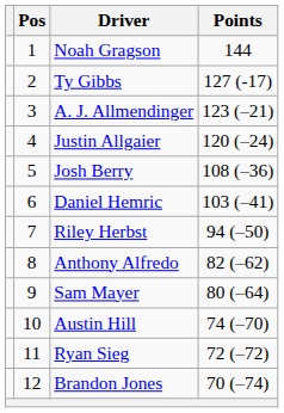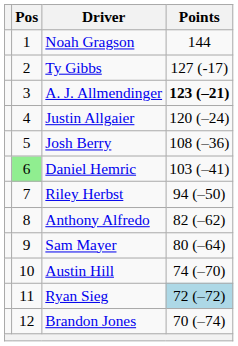 <table class="wikitable" style="font-size: 95%;">
 <tr>
 <th></th>
 <th>Pos</th>
 <th>Driver</th>
 <th>Points</th>
 </tr>
 <tr>
 <td align="left"></td>
 <td style="text-align:center;">1</td>
 <td><a href='#'>Noah Gragson</a></td>
 <td style="text-align:center;">144</td>
 </tr>
 <tr>
 <td align="left"></td>
 <td style="text-align:center;">2</td>
 <td><a href='#'>Ty Gibbs</a></td>
 <td style="text-align:center;">127 (-17)</td>
 </tr>
 <tr>
 <td align="left"></td>
 <td style="text-align:center;">3</td>
 <td><a href='#'>A. J. Allmendinger</a></td>
-<td style="text-align:center;">123 (–21)</td>
+<td style="text-align:center;"><strong>123 (–21)</strong></td>
 </tr>
 <tr>
 <td align="left"></td>
 <td style="text-align:center;">4</td>
 <td><a href='#'>Justin Allgaier</a></td>
 <td style="text-align:center;">120 (–24)</td>
 </tr>
 <tr>
 <td align="left"></td>
 <td style="text-align:center;">5</td>
 <td><a href='#'>Josh Berry</a></td>
 <td style="text-align:center;">108 (–36)</td>
 </tr>
 <tr>
 <td align="left"></td>
-<td style="text-align:center;">6</td>
+<td style="background: lightgreen; text-align:center;">6</td>
 <td><a href='#'>Daniel Hemric</a></td>
 <td style="text-align:center;">103 (–41)</td>
 </tr>
 <tr>
 <td align="left"></td>
 <td style="text-align:center;">7</td>
 <td><a href='#'>Riley Herbst</a></td>
 <td style="text-align:center;">94 (–50)</td>
 </tr>
 <tr>
 <td align="left"></td>
 <td style="text-align:center;">8</td>
 <td><a href='#'>Anthony Alfredo</a></td>
 <td style="text-align:center;">82 (–62)</td>
 </tr>
 <tr>
 <td align="left"></td>
 <td style="text-align:center;">9</td>
 <td><a href='#'>Sam Mayer</a></td>
 <td style="text-align:center;">80 (–64)</td>
 </tr>
 <tr>
 <td align="left"></td>
 <td style="text-align:center;">10</td>
 <td><a href='#'>Austin Hill</a></td>
 <td style="text-align:center;">74 (–70)</td>
 </tr>
 <tr>
 <td align="left"></td>
 <td style="text-align:center;">11</td>
 <td><a href='#'>Ryan Sieg</a></td>
-<td style="text-align:center;">72 (–72)</td>
+<td style="background: lightblue; text-align:center;">72 (–72)</td>
 </tr>
 <tr>
 <td align="left"></td>
 <td style="text-align:center;">12</td>
 <td><a href='#'>Brandon Jones</a></td>
 <td style="text-align:center;">70 (–74)</td>
 </tr>
 <tr class="sortbottom">
 <th colspan="9"></th>
 </tr>
 </table>
